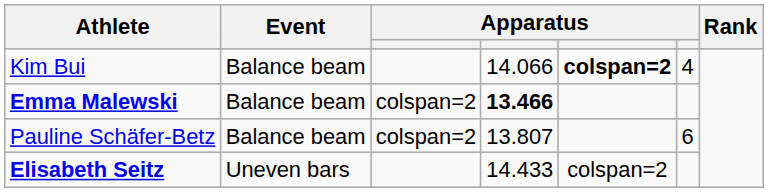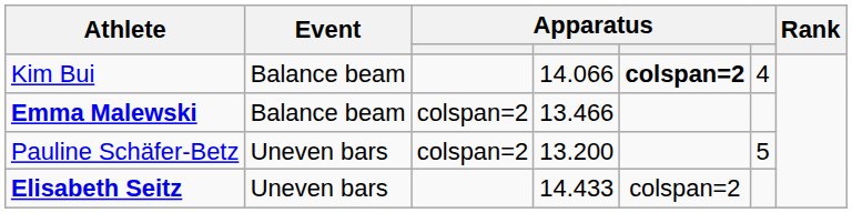 <table class="wikitable" style="font-size:90%">
 <tr>
 <th rowspan=2>Athlete</th>
 <th rowspan=2>Event</th>
 <th colspan=4>Apparatus</th>
 <th rowspan=2>Rank</th>
 </tr>
 <tr style="font-size:95%">
 <th></th>
 <th></th>
 <th></th>
 <th></th>
 </tr>
 <tr align=center>
 <td align=left><a href='#'>Kim Bui</a></td>
 <td align=left>Balance beam</td>
 <td></td>
 <td>14.066</td>
 <td><strong>colspan=2</strong></td>
 <td>4</td>
 </tr>
 <tr align=center>
 <td align=left><strong><a href='#'>Emma Malewski</a></strong></td>
 <td align=left>Balance beam</td>
 <td>colspan=2</td>
-<td><strong>13.466</strong></td>
+<td>13.466</td>
 <td></td>
 <td></td>
 </tr>
 <tr align=center>
 <td align=left><a href='#'>Pauline Schäfer-Betz</a></td>
-<td align=left>Balance beam</td>
+<td align=left>Uneven bars</td>
 <td>colspan=2</td>
-<td>13.807</td>
+<td>13.200</td>
 <td></td>
-<td>6</td>
+<td>5</td>
 </tr>
 <tr align=center>
 <td align=left><strong><a href='#'>Elisabeth Seitz</a></strong></td>
 <td align=left>Uneven bars</td>
 <td></td>
 <td>14.433</td>
 <td>colspan=2</td>
 <td></td>
 </tr>
 </table>
